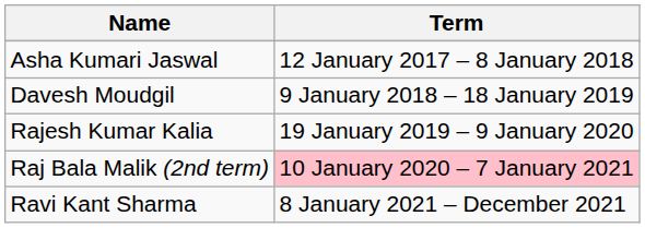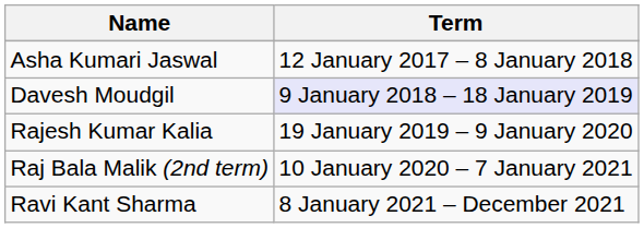 <table class="wikitable sortable">
 <tr>
 <th>Name</th>
 <th>Term</th>
 </tr>
 <tr>
 </tr>
 <tr>
 <td>Asha Kumari Jaswal</td>
 <td>12 January 2017 – 8 January 2018</td>
 </tr>
 <tr>
 <td>Davesh Moudgil</td>
-<td>9 January 2018 – 18 January 2019</td>
+<td style="background: lavender;">9 January 2018 – 18 January 2019</td>
 </tr>
 <tr>
 <td>Rajesh Kumar Kalia</td>
 <td>19 January 2019 – 9 January 2020</td>
 </tr>
 <tr>
 <td>Raj Bala Malik <em>(2nd term)</em></td>
-<td style="background: pink;">10 January 2020 – 7 January 2021</td>
+<td>10 January 2020 – 7 January 2021</td>
 </tr>
 <tr>
 <td>Ravi Kant Sharma</td>
 <td>8 January 2021 – December 2021</td>
 </tr>
 </table>
